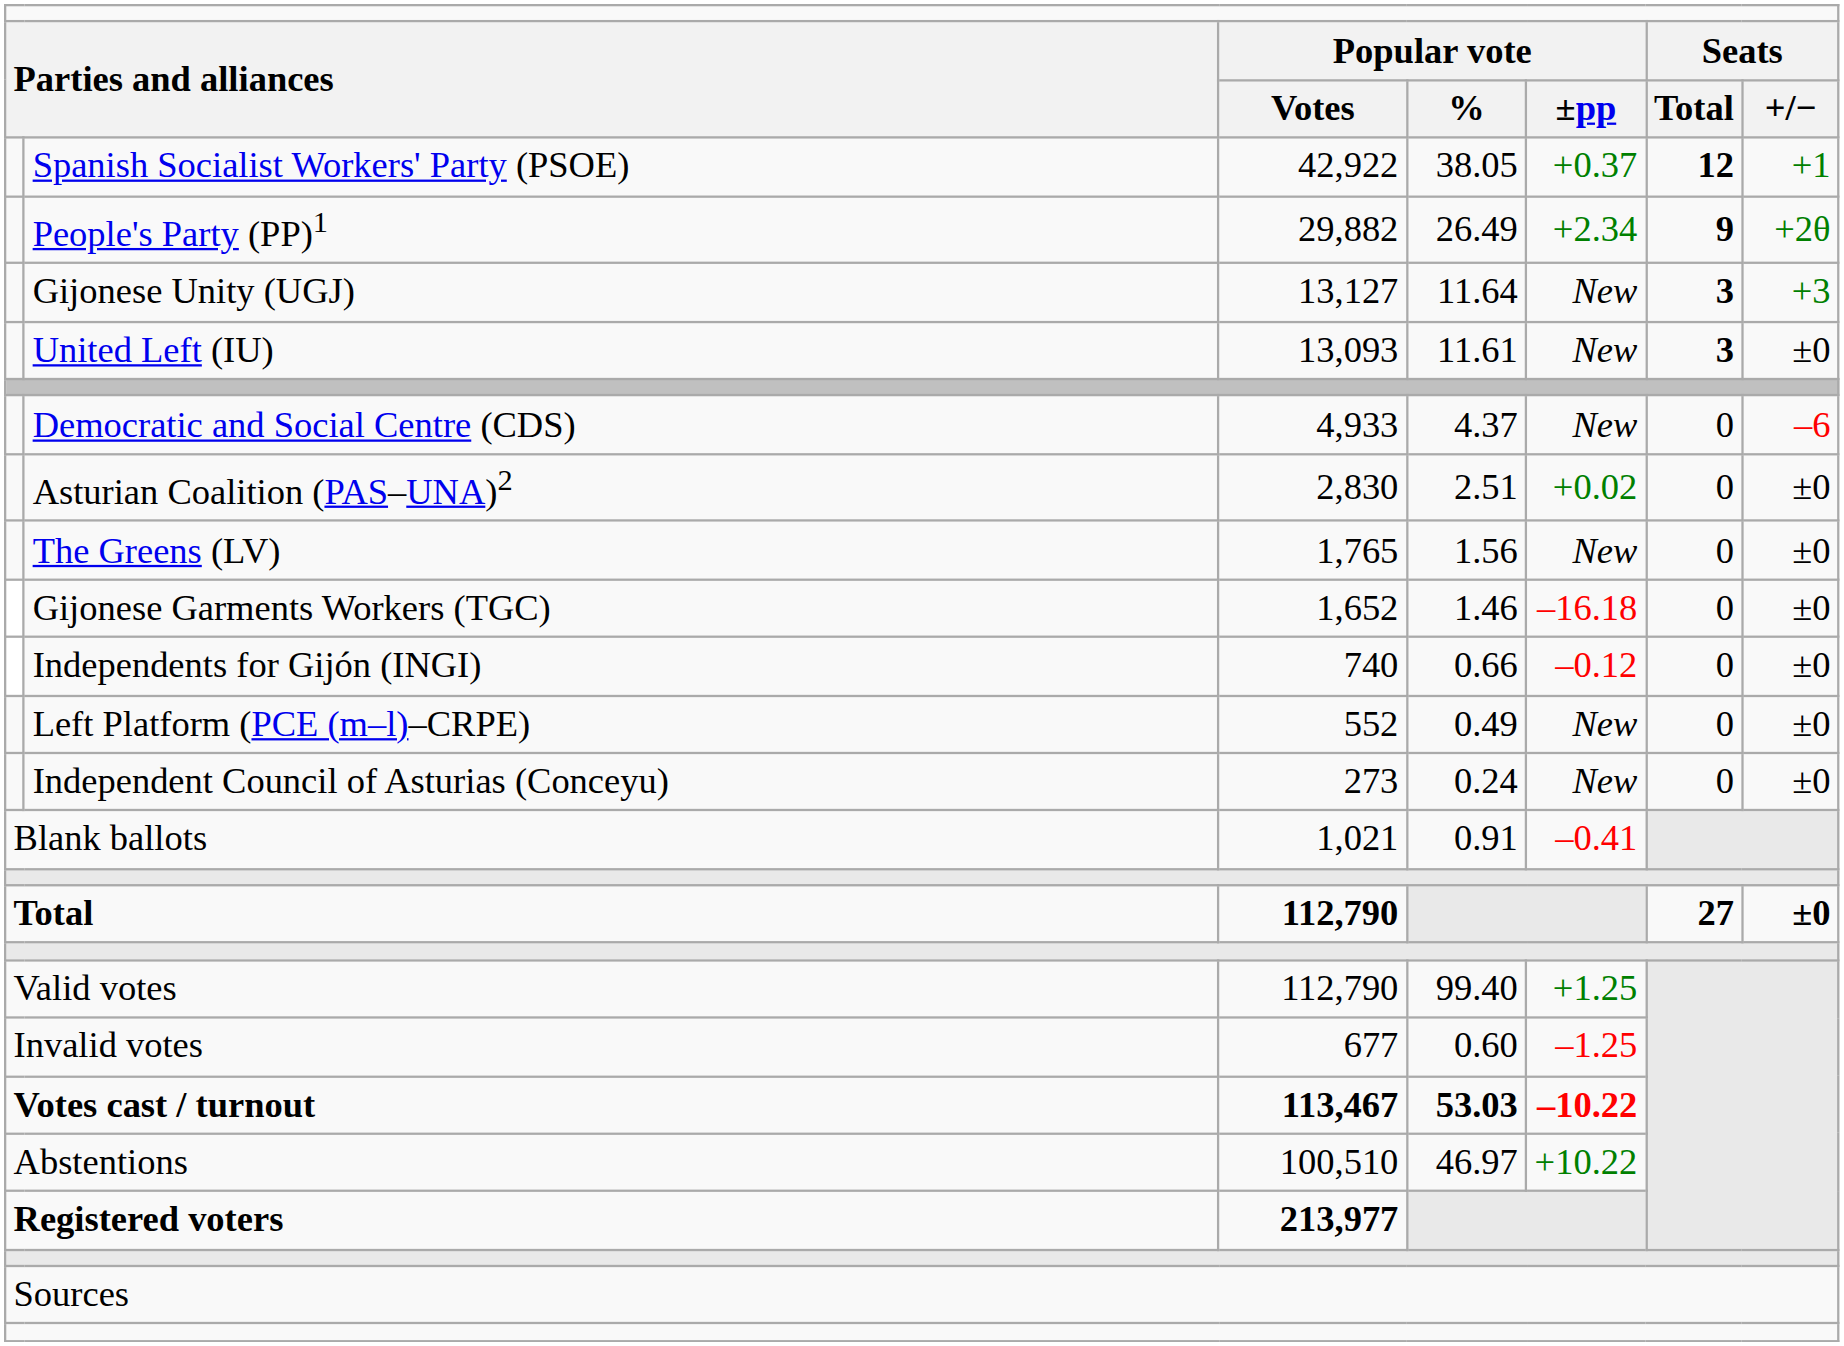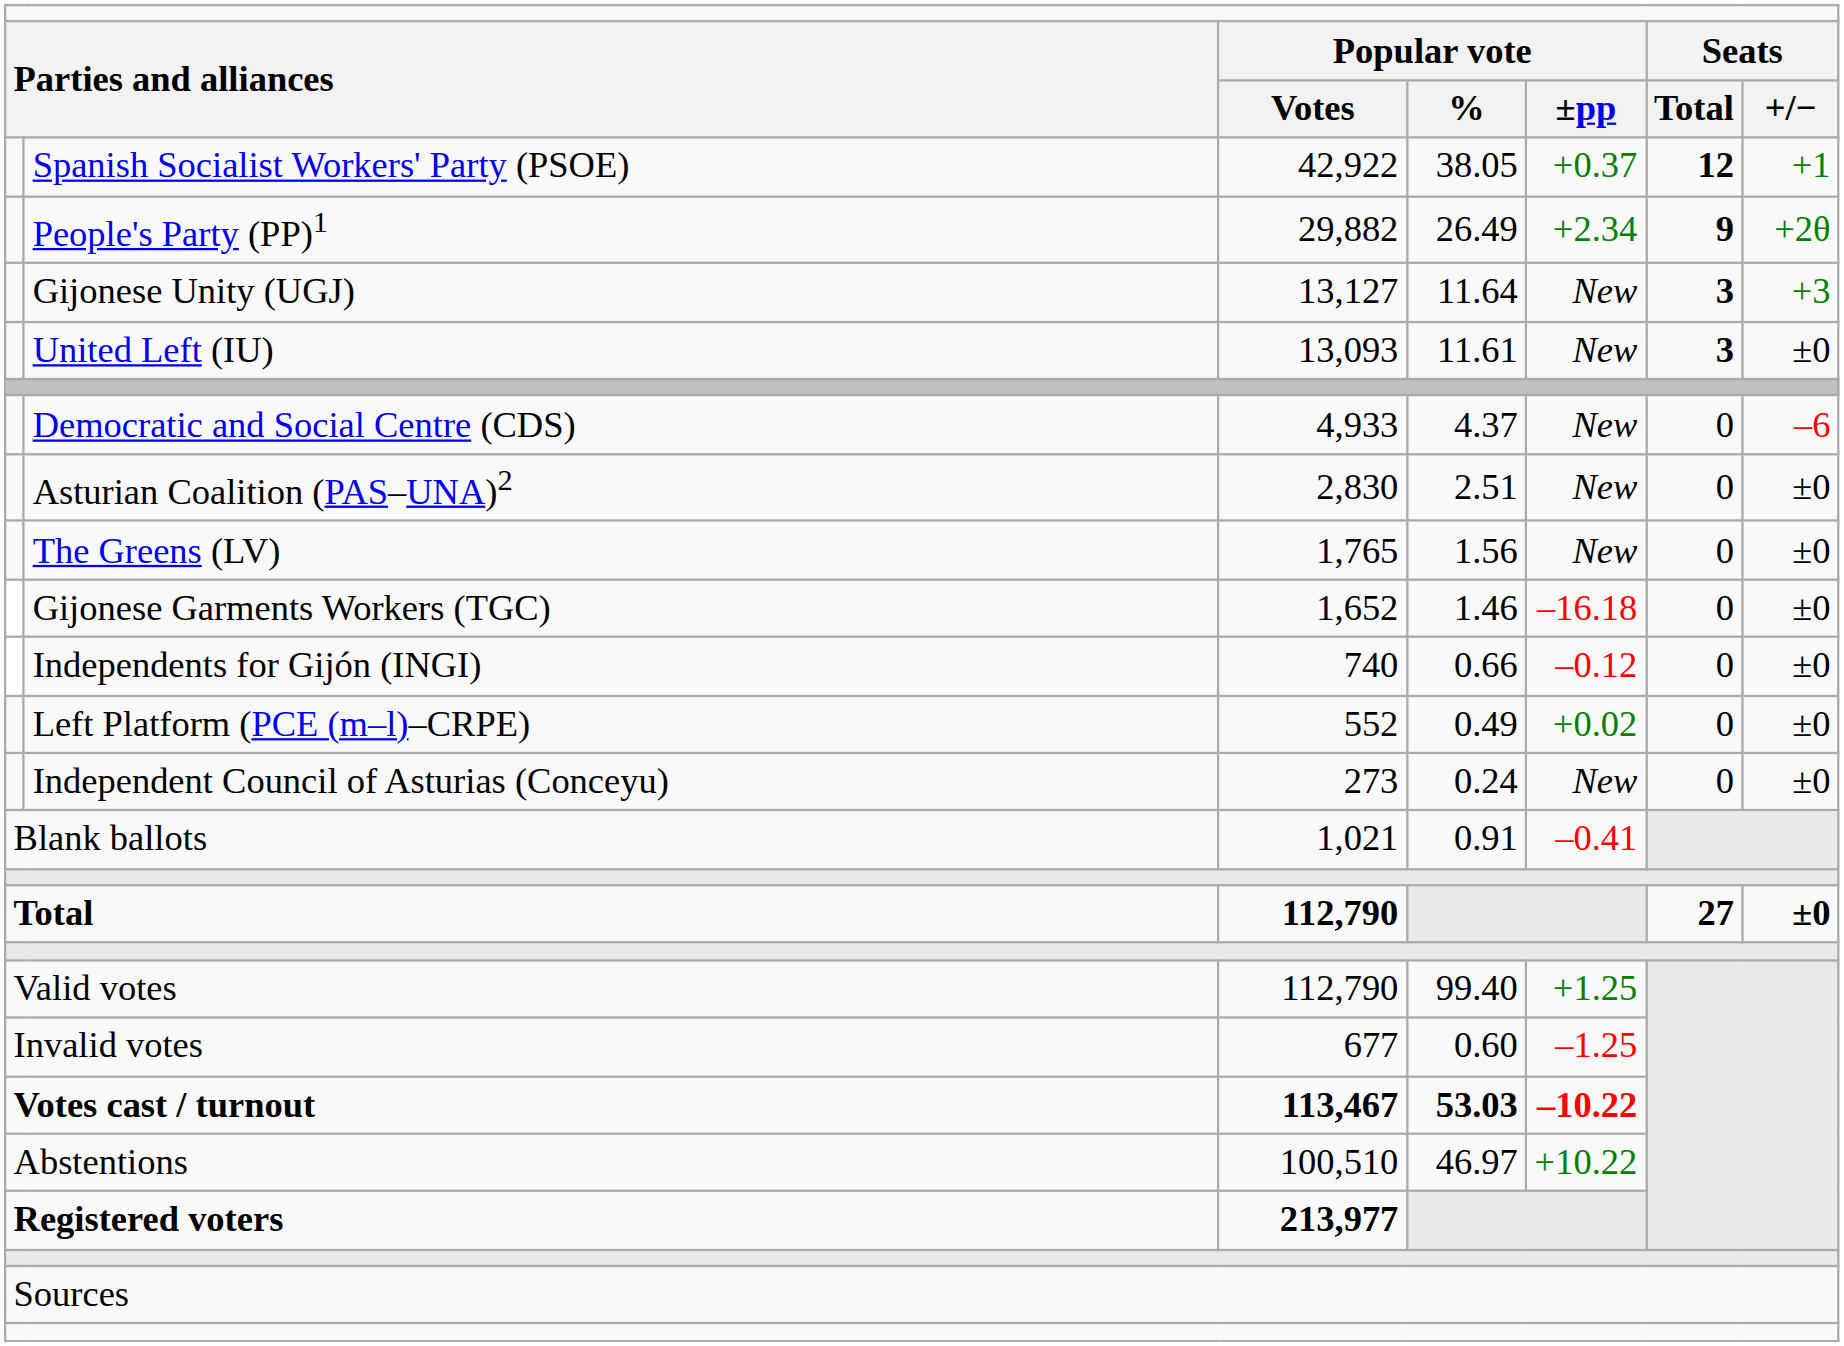 <table class="wikitable" style="text-align:right;">
 <tr>
 <td colspan="7"></td>
 </tr>
 <tr>
 <th style="text-align:left;" rowspan="2" colspan="2" width="525">Parties and alliances</th>
 <th colspan="3">Popular vote</th>
 <th colspan="2">Seats</th>
 </tr>
 <tr>
 <th width="75">Votes</th>
 <th width="45">%</th>
 <th width="45">±<a href='#'>pp</a></th>
 <th width="35">Total</th>
 <th width="35">+/−</th>
 </tr>
 <tr>
 <td width="1" style="color:inherit;background:"></td>
 <td align="left"><a href='#'>Spanish Socialist Workers' Party</a> (PSOE)</td>
 <td>42,922</td>
 <td>38.05</td>
 <td style="color:green;">+0.37</td>
 <td><strong>12</strong></td>
 <td style="color:green;">+1</td>
 </tr>
 <tr>
 <td style="color:inherit;background:"></td>
 <td align="left"><a href='#'>People's Party</a> (PP)<sup>1</sup></td>
 <td>29,882</td>
 <td>26.49</td>
 <td style="color:green;">+2.34</td>
 <td><strong>9</strong></td>
 <td style="color:green;">+2θ</td>
 </tr>
 <tr>
 <td style="color:inherit;background:"></td>
 <td align="left">Gijonese Unity (UGJ)</td>
 <td>13,127</td>
 <td>11.64</td>
 <td><em>New</em></td>
 <td><strong>3</strong></td>
 <td style="color:green;">+3</td>
 </tr>
 <tr>
 <td style="color:inherit;background:"></td>
 <td align="left"><a href='#'>United Left</a> (IU)</td>
 <td>13,093</td>
 <td>11.61</td>
 <td><em>New</em></td>
 <td><strong>3</strong></td>
 <td>±0</td>
 </tr>
 <tr>
 <td colspan="7" bgcolor="#C0C0C0"></td>
 </tr>
 <tr>
 <td style="color:inherit;background:"></td>
 <td align="left"><a href='#'>Democratic and Social Centre</a> (CDS)</td>
 <td>4,933</td>
 <td>4.37</td>
 <td><em>New</em></td>
 <td>0</td>
 <td style="color:red;">–6</td>
 </tr>
 <tr>
 <td style="color:inherit;background:"></td>
 <td align="left">Asturian Coalition (<a href='#'>PAS</a>–<a href='#'>UNA</a>)<sup>2</sup></td>
 <td>2,830</td>
 <td>2.51</td>
-<td style="color:green;">+0.02</td>
+<td><em>New</em></td>
 <td>0</td>
 <td>±0</td>
 </tr>
 <tr>
 <td style="color:inherit;background:"></td>
 <td align="left"><a href='#'>The Greens</a> (LV)</td>
 <td>1,765</td>
 <td>1.56</td>
 <td><em>New</em></td>
 <td>0</td>
 <td>±0</td>
 </tr>
 <tr>
 <td bgcolor="white"></td>
 <td align="left">Gijonese Garments Workers (TGC)</td>
 <td>1,652</td>
 <td>1.46</td>
 <td style="color:red;">–16.18</td>
 <td>0</td>
 <td>±0</td>
 </tr>
 <tr>
 <td bgcolor="white"></td>
 <td align="left">Independents for Gijón (INGI)</td>
 <td>740</td>
 <td>0.66</td>
 <td style="color:red;">–0.12</td>
 <td>0</td>
 <td>±0</td>
 </tr>
 <tr>
 <td style="color:inherit;background:"></td>
 <td align="left">Left Platform (<a href='#'>PCE (m–l)</a>–CRPE)</td>
 <td>552</td>
 <td>0.49</td>
-<td><em>New</em></td>
+<td style="color:green;">+0.02</td>
 <td>0</td>
 <td>±0</td>
 </tr>
 <tr>
 <td style="color:inherit;background:"></td>
 <td align="left">Independent Council of Asturias (Conceyu)</td>
 <td>273</td>
 <td>0.24</td>
 <td><em>New</em></td>
 <td>0</td>
 <td>±0</td>
 </tr>
 <tr>
 <td align="left" colspan="2">Blank ballots</td>
 <td>1,021</td>
 <td>0.91</td>
 <td style="color:red;">–0.41</td>
 <td bgcolor="#E9E9E9" colspan="2"></td>
 </tr>
 <tr>
 <td colspan="7" bgcolor="#E9E9E9"></td>
 </tr>
 <tr style="font-weight:bold;">
 <td align="left" colspan="2">Total</td>
 <td>112,790</td>
 <td bgcolor="#E9E9E9" colspan="2"></td>
 <td>27</td>
 <td>±0</td>
 </tr>
 <tr>
 <td colspan="7" bgcolor="#E9E9E9"></td>
 </tr>
 <tr>
 <td align="left" colspan="2">Valid votes</td>
 <td>112,790</td>
 <td>99.40</td>
 <td style="color:green;">+1.25</td>
 <td bgcolor="#E9E9E9" colspan="2" rowspan="5"></td>
 </tr>
 <tr>
 <td align="left" colspan="2">Invalid votes</td>
 <td>677</td>
 <td>0.60</td>
 <td style="color:red;">–1.25</td>
 </tr>
 <tr style="font-weight:bold;">
 <td align="left" colspan="2">Votes cast / turnout</td>
 <td>113,467</td>
 <td>53.03</td>
 <td style="color:red;">–10.22</td>
 </tr>
 <tr>
 <td align="left" colspan="2">Abstentions</td>
 <td>100,510</td>
 <td>46.97</td>
 <td style="color:green;">+10.22</td>
 </tr>
 <tr style="font-weight:bold;">
 <td align="left" colspan="2">Registered voters</td>
 <td>213,977</td>
 <td bgcolor="#E9E9E9" colspan="2"></td>
 </tr>
 <tr>
 <td colspan="7" bgcolor="#E9E9E9"></td>
 </tr>
 <tr>
 <td align="left" colspan="7">Sources</td>
 </tr>
 <tr>
 <td colspan="7" style="text-align:left; max-width:790px;"></td>
 </tr>
 </table>
